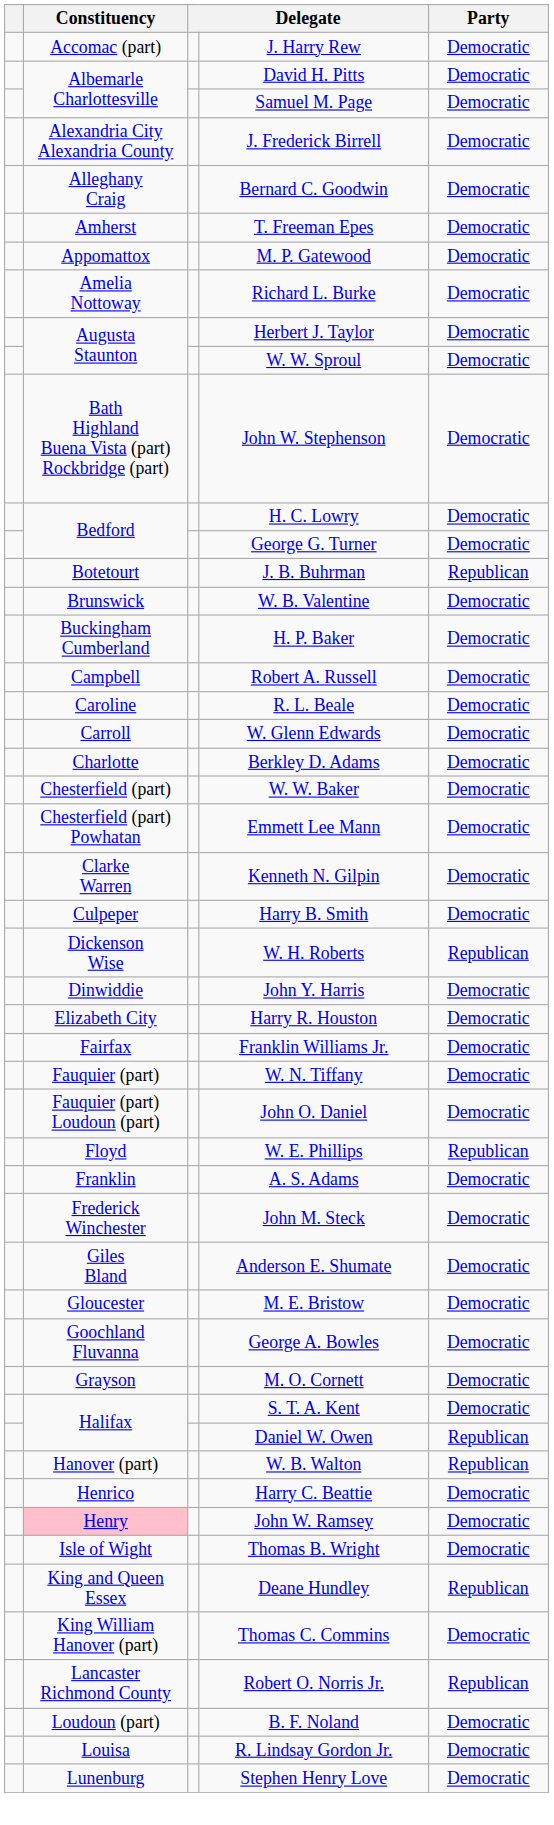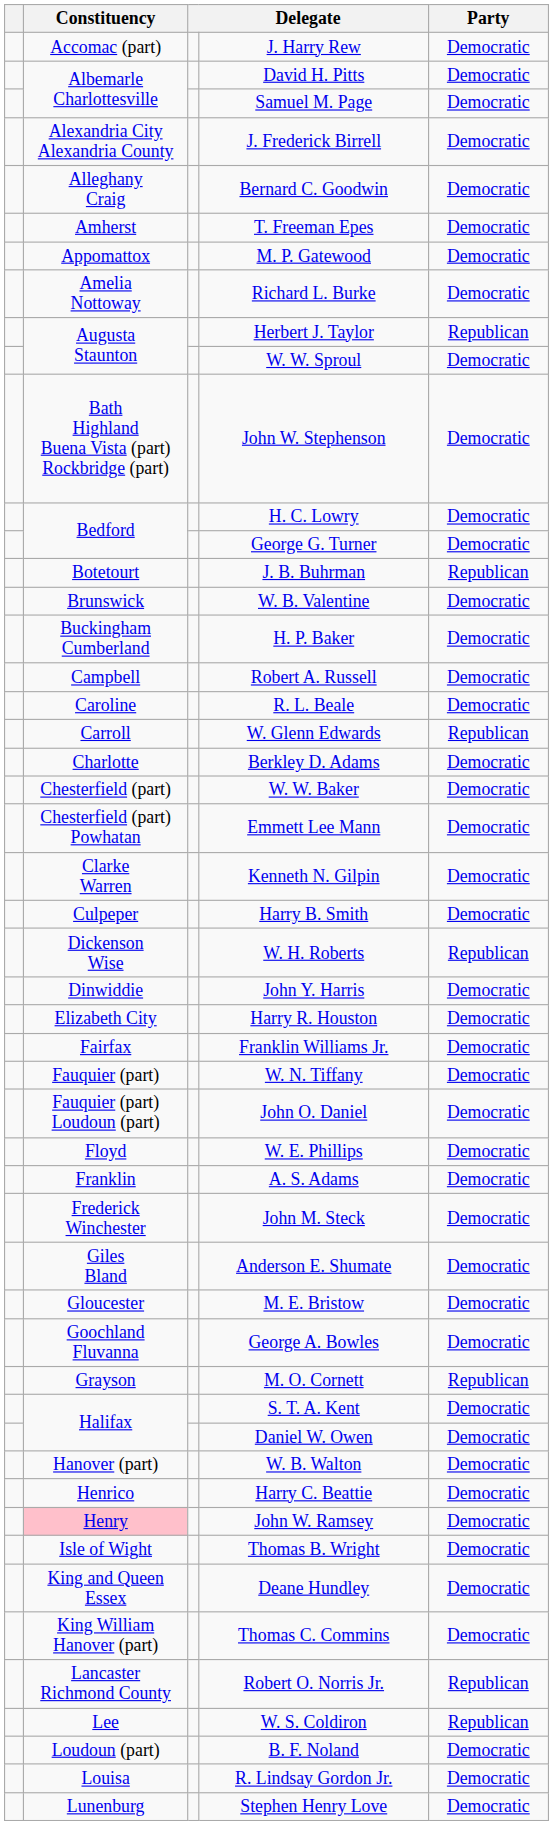 <table class="wikitable" style="text-align:center">
 <tr>
 <th width="10px"></th>
 <th width="140px">Constituency</th>
 <th colspan=2 width="210px">Delegate</th>
 <th width="100px">Party</th>
 </tr>
 <tr>
 <td style="background-color:"></td>
 <td><a href='#'>Accomac</a> (part)</td>
 <td></td>
 <td><a href='#'>J. Harry Rew</a></td>
 <td><a href='#'>Democratic</a></td>
 </tr>
 <tr>
 <td style="background-color:"></td>
 <td rowspan="2"><a href='#'>Albemarle</a><br><a href='#'>Charlottesville</a></td>
 <td></td>
 <td><a href='#'>David H. Pitts</a></td>
 <td><a href='#'>Democratic</a></td>
 </tr>
 <tr>
 <td style="background-color:"></td>
 <td></td>
 <td><a href='#'>Samuel M. Page</a></td>
 <td><a href='#'>Democratic</a></td>
 </tr>
 <tr>
 <td style="background-color:"></td>
 <td><a href='#'>Alexandria City</a><br><a href='#'>Alexandria County</a></td>
 <td></td>
 <td><a href='#'>J. Frederick Birrell</a></td>
 <td><a href='#'>Democratic</a></td>
 </tr>
 <tr>
 <td style="background-color:"></td>
 <td><a href='#'>Alleghany</a><br><a href='#'>Craig</a></td>
 <td></td>
 <td><a href='#'>Bernard C. Goodwin</a></td>
 <td><a href='#'>Democratic</a></td>
 </tr>
 <tr>
 <td style="background-color:"></td>
 <td><a href='#'>Amherst</a></td>
 <td></td>
 <td><a href='#'>T. Freeman Epes</a></td>
 <td><a href='#'>Democratic</a></td>
 </tr>
 <tr>
 <td style="background-color:"></td>
 <td><a href='#'>Appomattox</a></td>
 <td></td>
 <td><a href='#'>M. P. Gatewood</a></td>
 <td><a href='#'>Democratic</a></td>
 </tr>
 <tr>
 <td style="background-color:"></td>
 <td><a href='#'>Amelia</a><br><a href='#'>Nottoway</a></td>
 <td></td>
 <td><a href='#'>Richard L. Burke</a></td>
 <td><a href='#'>Democratic</a></td>
 </tr>
 <tr>
 <td style="background-color:"></td>
 <td rowspan="2"><a href='#'>Augusta</a><br><a href='#'>Staunton</a></td>
 <td></td>
 <td><a href='#'>Herbert J. Taylor</a></td>
-<td><a href='#'>Democratic</a></td>
+<td><a href='#'>Republican</a></td>
 </tr>
 <tr>
 <td style="background-color:"></td>
 <td></td>
 <td><a href='#'>W. W. Sproul</a></td>
 <td><a href='#'>Democratic</a></td>
 </tr>
 <tr>
 <td style="background-color:"></td>
 <td><br><a href='#'>Bath</a><br><a href='#'>Highland</a><br><a href='#'>Buena Vista</a> (part)<br><a href='#'>Rockbridge</a> (part)<br><br></td>
 <td></td>
 <td><a href='#'>John W. Stephenson</a></td>
 <td><a href='#'>Democratic</a></td>
 </tr>
 <tr>
 <td style="background-color:"></td>
 <td rowspan="2"><a href='#'>Bedford</a></td>
 <td></td>
 <td><a href='#'>H. C. Lowry</a></td>
 <td><a href='#'>Democratic</a></td>
 </tr>
 <tr>
 <td style="background-color:"></td>
 <td></td>
 <td><a href='#'>George G. Turner</a></td>
 <td><a href='#'>Democratic</a></td>
 </tr>
 <tr>
 <td style="background-color:"></td>
 <td><a href='#'>Botetourt</a></td>
 <td></td>
 <td><a href='#'>J. B. Buhrman</a></td>
 <td><a href='#'>Republican</a></td>
 </tr>
 <tr>
 <td style="background-color:"></td>
 <td><a href='#'>Brunswick</a></td>
 <td></td>
 <td><a href='#'>W. B. Valentine</a></td>
 <td><a href='#'>Democratic</a></td>
 </tr>
 <tr>
 <td style="background-color:"></td>
 <td><a href='#'>Buckingham</a><br><a href='#'>Cumberland</a></td>
 <td></td>
 <td><a href='#'>H. P. Baker</a></td>
 <td><a href='#'>Democratic</a></td>
 </tr>
 <tr>
 <td style="background-color:"></td>
 <td><a href='#'>Campbell</a></td>
 <td></td>
 <td><a href='#'>Robert A. Russell</a></td>
 <td><a href='#'>Democratic</a></td>
 </tr>
 <tr>
 <td style="background-color:"></td>
 <td><a href='#'>Caroline</a></td>
 <td></td>
 <td><a href='#'>R. L. Beale</a></td>
 <td><a href='#'>Democratic</a></td>
 </tr>
 <tr>
 <td style="background-color:"></td>
 <td><a href='#'>Carroll</a></td>
 <td></td>
 <td><a href='#'>W. Glenn Edwards</a></td>
-<td><a href='#'>Democratic</a></td>
+<td><a href='#'>Republican</a></td>
 </tr>
 <tr>
 <td style="background-color:"></td>
 <td><a href='#'>Charlotte</a></td>
 <td></td>
 <td><a href='#'>Berkley D. Adams</a></td>
 <td><a href='#'>Democratic</a></td>
 </tr>
 <tr>
 <td style="background-color:"></td>
 <td><a href='#'>Chesterfield</a> (part)</td>
 <td></td>
 <td><a href='#'>W. W. Baker</a></td>
 <td><a href='#'>Democratic</a></td>
 </tr>
 <tr>
 <td style="background-color:"></td>
 <td><a href='#'>Chesterfield</a> (part)<br><a href='#'>Powhatan</a></td>
 <td></td>
 <td><a href='#'>Emmett Lee Mann</a></td>
 <td><a href='#'>Democratic</a></td>
 </tr>
 <tr>
 <td style="background-color:"></td>
 <td><a href='#'>Clarke</a><br><a href='#'>Warren</a></td>
 <td></td>
 <td><a href='#'>Kenneth N. Gilpin</a></td>
 <td><a href='#'>Democratic</a></td>
 </tr>
 <tr>
 <td style="background-color:"></td>
 <td><a href='#'>Culpeper</a></td>
 <td></td>
 <td><a href='#'>Harry B. Smith</a></td>
 <td><a href='#'>Democratic</a></td>
 </tr>
 <tr>
 <td style="background-color:"></td>
 <td><a href='#'>Dickenson</a><br><a href='#'>Wise</a></td>
 <td></td>
 <td><a href='#'>W. H. Roberts</a></td>
 <td><a href='#'>Republican</a></td>
 </tr>
 <tr>
 <td style="background-color:"></td>
 <td><a href='#'>Dinwiddie</a></td>
 <td></td>
 <td><a href='#'>John Y. Harris</a></td>
 <td><a href='#'>Democratic</a></td>
 </tr>
 <tr>
 <td style="background-color:"></td>
 <td><a href='#'>Elizabeth City</a></td>
 <td></td>
 <td><a href='#'>Harry R. Houston</a></td>
 <td><a href='#'>Democratic</a></td>
 </tr>
 <tr>
 <td style="background-color:"></td>
 <td><a href='#'>Fairfax</a></td>
 <td></td>
 <td><a href='#'>Franklin Williams Jr.</a></td>
 <td><a href='#'>Democratic</a></td>
 </tr>
 <tr>
 <td style="background-color:"></td>
 <td><a href='#'>Fauquier</a> (part)</td>
 <td></td>
 <td><a href='#'>W. N. Tiffany</a></td>
 <td><a href='#'>Democratic</a></td>
 </tr>
 <tr>
 <td style="background-color:"></td>
 <td><a href='#'>Fauquier</a> (part)<br><a href='#'>Loudoun</a> (part)</td>
 <td></td>
 <td><a href='#'>John O. Daniel</a></td>
 <td><a href='#'>Democratic</a></td>
 </tr>
 <tr>
 <td style="background-color:"></td>
 <td><a href='#'>Floyd</a></td>
 <td></td>
 <td><a href='#'>W. E. Phillips</a></td>
-<td><a href='#'>Republican</a></td>
+<td><a href='#'>Democratic</a></td>
 </tr>
 <tr>
 <td style="background-color:"></td>
 <td><a href='#'>Franklin</a></td>
 <td></td>
 <td><a href='#'>A. S. Adams</a></td>
 <td><a href='#'>Democratic</a></td>
 </tr>
 <tr>
 <td style="background-color:"></td>
 <td><a href='#'>Frederick</a><br><a href='#'>Winchester</a></td>
 <td></td>
 <td><a href='#'>John M. Steck</a></td>
 <td><a href='#'>Democratic</a></td>
 </tr>
 <tr>
 <td style="background-color:"></td>
 <td><a href='#'>Giles</a><br><a href='#'>Bland</a></td>
 <td></td>
 <td><a href='#'>Anderson E. Shumate</a></td>
 <td><a href='#'>Democratic</a></td>
 </tr>
 <tr>
 <td style="background-color:"></td>
 <td><a href='#'>Gloucester</a></td>
 <td></td>
 <td><a href='#'>M. E. Bristow</a></td>
 <td><a href='#'>Democratic</a></td>
 </tr>
 <tr>
 <td style="background-color:"></td>
 <td><a href='#'>Goochland</a><br><a href='#'>Fluvanna</a></td>
 <td></td>
 <td><a href='#'>George A. Bowles</a></td>
 <td><a href='#'>Democratic</a></td>
 </tr>
 <tr>
 <td style="background-color:"></td>
 <td><a href='#'>Grayson</a></td>
 <td></td>
 <td><a href='#'>M. O. Cornett</a></td>
-<td><a href='#'>Democratic</a></td>
+<td><a href='#'>Republican</a></td>
 </tr>
 <tr>
 <td style="background-color:"></td>
 <td rowspan="2"><a href='#'>Halifax</a></td>
 <td></td>
 <td><a href='#'>S. T. A. Kent</a></td>
 <td><a href='#'>Democratic</a></td>
 </tr>
 <tr>
 <td style="background-color:"></td>
 <td></td>
 <td><a href='#'>Daniel W. Owen</a></td>
-<td><a href='#'>Republican</a></td>
+<td><a href='#'>Democratic</a></td>
 </tr>
 <tr>
 <td style="background-color:"></td>
 <td><a href='#'>Hanover</a> (part)</td>
 <td></td>
 <td><a href='#'>W. B. Walton</a></td>
-<td><a href='#'>Republican</a></td>
+<td><a href='#'>Democratic</a></td>
 </tr>
 <tr>
 <td style="background-color:"></td>
 <td><a href='#'>Henrico</a></td>
 <td></td>
 <td><a href='#'>Harry C. Beattie</a></td>
 <td><a href='#'>Democratic</a></td>
 </tr>
 <tr>
 <td style="background-color:"></td>
 <td style="background: pink;"><a href='#'>Henry</a></td>
 <td></td>
 <td><a href='#'>John W. Ramsey</a></td>
 <td><a href='#'>Democratic</a></td>
 </tr>
 <tr>
 <td style="background-color:"></td>
 <td><a href='#'>Isle of Wight</a></td>
 <td></td>
 <td><a href='#'>Thomas B. Wright</a></td>
 <td><a href='#'>Democratic</a></td>
 </tr>
 <tr>
 <td style="background-color:"></td>
 <td><a href='#'>King and Queen</a><br><a href='#'>Essex</a></td>
 <td></td>
 <td><a href='#'>Deane Hundley</a></td>
-<td><a href='#'>Republican</a></td>
+<td><a href='#'>Democratic</a></td>
 </tr>
 <tr>
 <td style="background-color:"></td>
 <td><a href='#'>King William</a><br><a href='#'>Hanover</a> (part)</td>
 <td></td>
 <td><a href='#'>Thomas C. Commins</a></td>
 <td><a href='#'>Democratic</a></td>
 </tr>
 <tr>
 <td style="background-color:"></td>
 <td><a href='#'>Lancaster</a><br><a href='#'>Richmond County</a></td>
 <td></td>
 <td><a href='#'>Robert O. Norris Jr.</a></td>
+<td><a href='#'>Republican</a></td>
+</tr>
+<tr>
+<td style="background-color:"></td>
+<td><a href='#'>Lee</a></td>
+<td></td>
+<td><a href='#'>W. S. Coldiron</a></td>
 <td><a href='#'>Republican</a></td>
 </tr>
 <tr>
 <td style="background-color:"></td>
 <td><a href='#'>Loudoun</a> (part)</td>
 <td></td>
 <td><a href='#'>B. F. Noland</a></td>
 <td><a href='#'>Democratic</a></td>
 </tr>
 <tr>
 <td style="background-color:"></td>
 <td><a href='#'>Louisa</a></td>
 <td></td>
 <td><a href='#'>R. Lindsay Gordon Jr.</a></td>
 <td><a href='#'>Democratic</a></td>
 </tr>
 <tr>
 <td style="background-color:"></td>
 <td><a href='#'>Lunenburg</a></td>
 <td></td>
 <td><a href='#'>Stephen Henry Love</a></td>
 <td><a href='#'>Democratic</a></td>
 </tr>
 </table>
